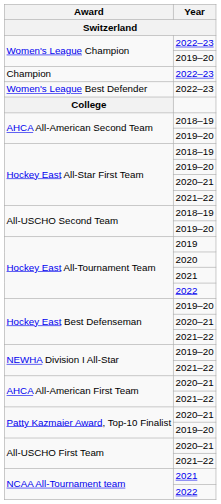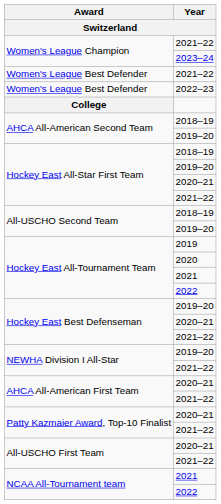 <table class="wikitable">
 <tr>
 <th scope="col">Award</th>
 <th scope="col">Year</th>
 </tr>
 <tr>
 <th colspan="2">Switzerland</th>
 </tr>
 <tr>
 <td rowspan="2"><a href='#'>Women's League</a> Champion</td>
-<td><a href='#'>2022–23</a></td>
+<td>2021–22</td>
 </tr>
 <tr>
-<td>2019–20</td>
+<td><a href='#'>2023–24</a></td>
 </tr>
 <tr>
-<td> Champion</td>
-<td><a href='#'>2022–23</a></td>
+<td><a href='#'>Women's League</a> Best Defender</td>
+<td>2021–22</td>
 </tr>
 <tr>
 <td><a href='#'>Women's League</a> Best Defender</td>
 <td>2022–23</td>
 </tr>
 <tr>
 <th>College</th>
 </tr>
 <tr>
 <td rowspan="2"><a href='#'>AHCA</a> All-American Second Team</td>
 <td>2018–19</td>
 </tr>
 <tr>
 <td>2019–20</td>
 </tr>
 <tr>
 <td rowspan="4"><a href='#'>Hockey East</a> All-Star First Team</td>
 <td>2018–19</td>
 </tr>
 <tr>
 <td>2019–20</td>
 </tr>
 <tr>
 <td>2020–21</td>
 </tr>
 <tr>
 <td>2021–22</td>
 </tr>
 <tr>
 <td rowspan="2">All-USCHO Second Team</td>
 <td>2018–19</td>
 </tr>
 <tr>
 <td>2019–20</td>
 </tr>
 <tr>
 <td rowspan="4"><a href='#'>Hockey East</a> All-Tournament Team</td>
 <td>2019</td>
 </tr>
 <tr>
 <td>2020</td>
 </tr>
 <tr>
 <td>2021</td>
 </tr>
 <tr>
 <td><a href='#'>2022</a></td>
 </tr>
 <tr>
 <td rowspan="3"><a href='#'>Hockey East</a> Best Defenseman</td>
 <td>2019–20</td>
 </tr>
 <tr>
 <td>2020–21</td>
 </tr>
 <tr>
 <td>2021–22</td>
 </tr>
 <tr>
 <td rowspan="2"><a href='#'>NEWHA</a> Division I All-Star</td>
 <td>2019–20</td>
 </tr>
 <tr>
 <td>2021–22</td>
 </tr>
 <tr>
 <td rowspan="2"><a href='#'>AHCA</a> All-American First Team</td>
 <td>2020–21</td>
 </tr>
 <tr>
 <td>2021–22</td>
 </tr>
 <tr>
 <td rowspan="2"><a href='#'>Patty Kazmaier Award</a>, Top-10 Finalist</td>
 <td>2020–21</td>
 </tr>
 <tr>
-<td>2019–20</td>
+<td>2021–22</td>
 </tr>
 <tr>
 <td rowspan="2">All-USCHO First Team</td>
 <td>2020–21</td>
 </tr>
 <tr>
 <td>2021–22</td>
 </tr>
 <tr>
 <td rowspan="2"><a href='#'>NCAA All-Tournament team</a></td>
 <td><a href='#'>2021</a></td>
 </tr>
 <tr>
 <td><a href='#'>2022</a></td>
 </tr>
 </table>
